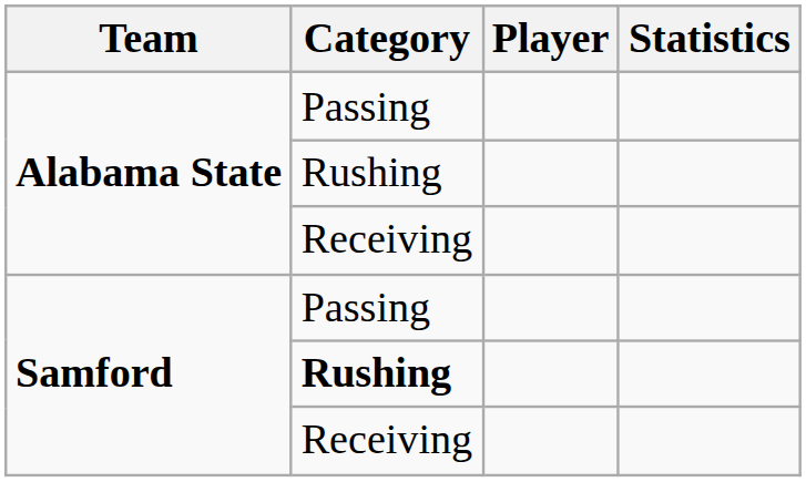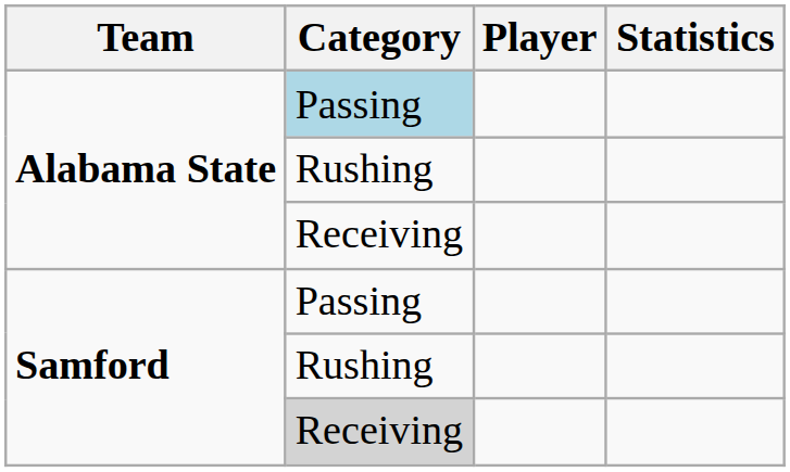 <table class="wikitable" style="float: right;">
 <tr>
 <th>Team</th>
 <th>Category</th>
 <th>Player</th>
 <th>Statistics</th>
 </tr>
 <tr>
 <td rowspan=3><strong>Alabama State</strong></td>
-<td>Passing</td>
+<td style="background: lightblue;">Passing</td>
 <td></td>
 <td></td>
 </tr>
 <tr>
 <td>Rushing</td>
 <td></td>
 <td></td>
 </tr>
 <tr>
 <td>Receiving</td>
 <td></td>
 <td></td>
 </tr>
 <tr>
 <td rowspan=3><strong>Samford</strong></td>
 <td>Passing</td>
 <td></td>
 <td></td>
 </tr>
 <tr>
-<td><strong>Rushing</strong></td>
+<td>Rushing</td>
 <td></td>
 <td></td>
 </tr>
 <tr>
-<td>Receiving</td>
+<td style="background: lightgrey;">Receiving</td>
 <td></td>
 <td></td>
 </tr>
 </table>
